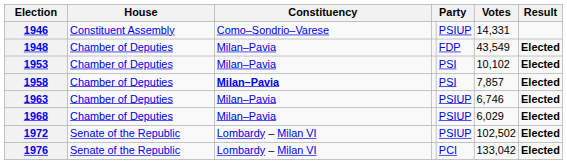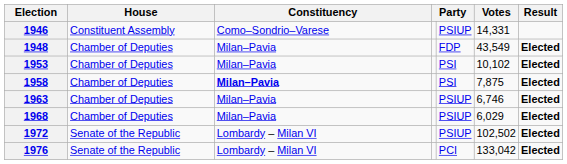 <table class=wikitable style="width:65%; border:1px #AAAAFF solid">
 <tr>
 <th width=12%>Election</th>
 <th width=30%>House</th>
 <th width=45%>Constituency</th>
 <th width=5% colspan="2">Party</th>
 <th width=12%>Votes</th>
 <th width=12%>Result</th>
 </tr>
 <tr>
 <th><a href='#'>1946</a></th>
 <td><a href='#'>Constituent Assembly</a></td>
 <td><a href='#'>Como–Sondrio–Varese</a></td>
 <td></td>
 <td><a href='#'>PSIUP</a></td>
 <td>14,331</td>
 <td></td>
 </tr>
 <tr>
 <th><a href='#'>1948</a></th>
 <td><a href='#'>Chamber of Deputies</a></td>
 <td><a href='#'>Milan–Pavia</a></td>
 <td></td>
 <td><a href='#'>FDP</a></td>
 <td>43,549</td>
 <td> <strong>Elected</strong></td>
 </tr>
 <tr>
 <th><a href='#'>1953</a></th>
 <td><a href='#'>Chamber of Deputies</a></td>
 <td><a href='#'>Milan–Pavia</a></td>
 <td></td>
 <td><a href='#'>PSI</a></td>
 <td>10,102</td>
 <td> <strong>Elected</strong></td>
 </tr>
 <tr>
 <th><a href='#'>1958</a></th>
 <td><a href='#'>Chamber of Deputies</a></td>
 <td><strong><a href='#'>Milan–Pavia</a></strong></td>
 <td></td>
 <td><a href='#'>PSI</a></td>
-<td>7,857</td>
+<td>7,875</td>
 <td> <strong>Elected</strong></td>
 </tr>
 <tr>
 <th><a href='#'>1963</a></th>
 <td><a href='#'>Chamber of Deputies</a></td>
 <td><a href='#'>Milan–Pavia</a></td>
 <td></td>
 <td><a href='#'>PSIUP</a></td>
 <td>6,746</td>
 <td> <strong>Elected</strong></td>
 </tr>
 <tr>
 <th><a href='#'>1968</a></th>
 <td><a href='#'>Chamber of Deputies</a></td>
 <td><a href='#'>Milan–Pavia</a></td>
 <td></td>
 <td><a href='#'>PSIUP</a></td>
 <td>6,029</td>
 <td> <strong>Elected</strong></td>
 </tr>
 <tr>
 <th><a href='#'>1972</a></th>
 <td><a href='#'>Senate of the Republic</a></td>
 <td><a href='#'>Lombardy</a> – <a href='#'>Milan VI</a></td>
 <td></td>
 <td><a href='#'>PSIUP</a></td>
 <td>102,502</td>
 <td> <strong>Elected</strong></td>
 </tr>
 <tr>
 <th><a href='#'>1976</a></th>
 <td><a href='#'>Senate of the Republic</a></td>
 <td><a href='#'>Lombardy</a> – <a href='#'>Milan VI</a></td>
 <td></td>
 <td><a href='#'>PCI</a></td>
 <td>133,042</td>
 <td> <strong>Elected</strong></td>
 </tr>
 </table>
